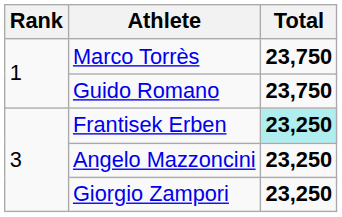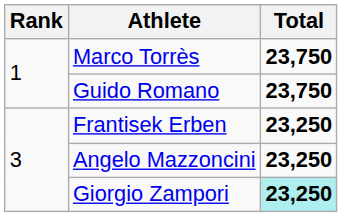 <table class="wikitable">
 <tr>
 <th>Rank</th>
 <th>Athlete</th>
 <th>Total</th>
 </tr>
 <tr>
 <td rowspan="2">1</td>
 <td> <a href='#'>Marco Torrès</a></td>
 <td><strong>23,750</strong></td>
 </tr>
 <tr>
 <td> <a href='#'>Guido Romano</a></td>
 <td><strong>23,750</strong></td>
 </tr>
 <tr>
 <td rowspan="3">3</td>
 <td> <a href='#'>Frantisek Erben</a></td>
-<td style="background: paleturquoise;"><strong>23,250</strong></td>
+<td><strong>23,250</strong></td>
 </tr>
 <tr>
 <td> <a href='#'>Angelo Mazzoncini</a></td>
 <td><strong>23,250</strong></td>
 </tr>
 <tr>
 <td> <a href='#'>Giorgio Zampori</a></td>
-<td><strong>23,250</strong></td>
+<td style="background: paleturquoise;"><strong>23,250</strong></td>
 </tr>
 </table>
